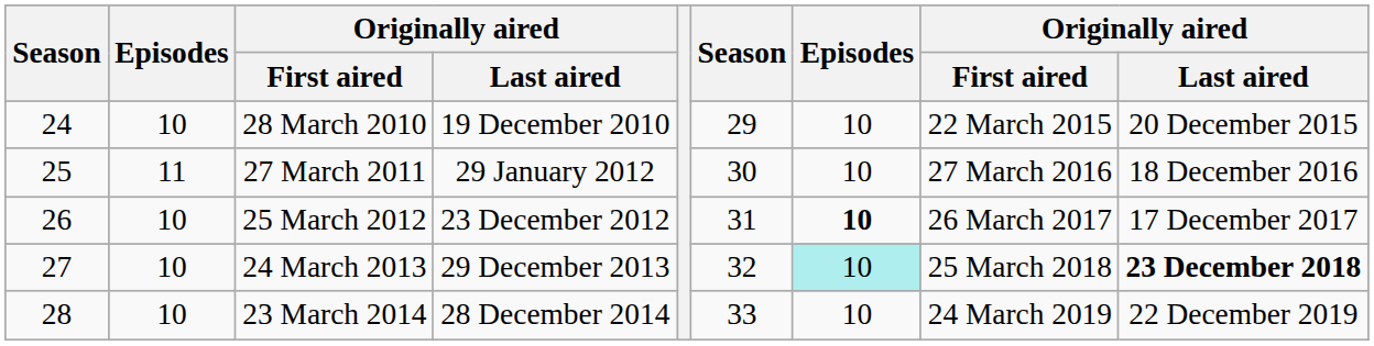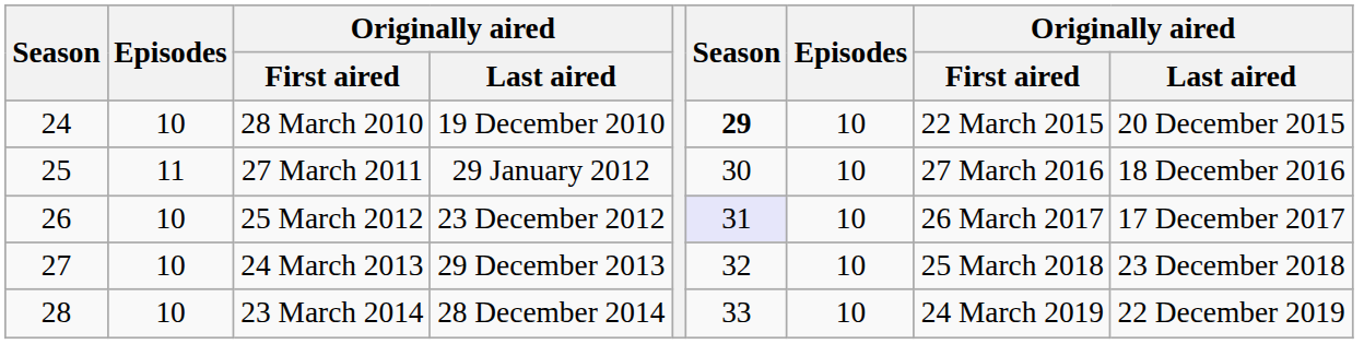 <table class="wikitable" style="text-align:center;">
 <tr>
 <th rowspan="2">Season</th>
 <th rowspan="2">Episodes</th>
 <th colspan="2">Originally aired</th>
 <th rowspan="7"></th>
 <th rowspan="2">Season</th>
 <th rowspan="2">Episodes</th>
 <th colspan="2">Originally aired</th>
 </tr>
 <tr>
 <th>First aired</th>
 <th>Last aired</th>
 <th>First aired</th>
 <th>Last aired</th>
 </tr>
 <tr>
 <td>24</td>
 <td>10</td>
 <td>28 March 2010</td>
 <td>19 December 2010</td>
-<td>29</td>
+<td><strong>29</strong></td>
 <td>10</td>
 <td>22 March 2015</td>
 <td>20 December 2015</td>
 </tr>
 <tr>
 <td>25</td>
 <td>11</td>
 <td>27 March 2011</td>
 <td>29 January 2012</td>
 <td>30</td>
 <td>10</td>
 <td>27 March 2016</td>
 <td>18 December 2016</td>
 </tr>
 <tr>
 <td>26</td>
 <td>10</td>
 <td>25 March 2012</td>
 <td>23 December 2012</td>
-<td>31</td>
-<td><strong>10</strong></td>
+<td style="background: lavender;">31</td>
+<td>10</td>
 <td>26 March 2017</td>
 <td>17 December 2017</td>
 </tr>
 <tr>
 <td>27</td>
 <td>10</td>
 <td>24 March 2013</td>
 <td>29 December 2013</td>
 <td>32</td>
-<td style="background: paleturquoise;">10</td>
+<td>10</td>
 <td>25 March 2018</td>
-<td><strong>23 December 2018</strong></td>
+<td>23 December 2018</td>
 </tr>
 <tr>
 <td>28</td>
 <td>10</td>
 <td>23 March 2014</td>
 <td>28 December 2014</td>
 <td>33</td>
 <td>10</td>
 <td>24 March 2019</td>
 <td>22 December 2019</td>
 </tr>
 </table>
